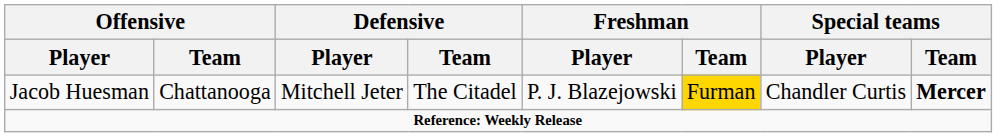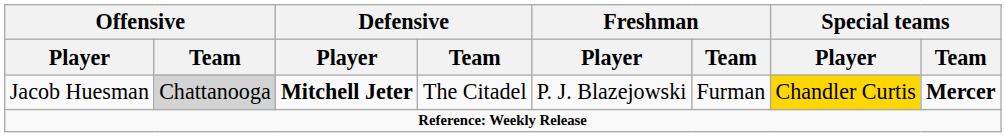 <table class="wikitable" border="1">
 <tr>
 <th colspan="2">Offensive</th>
 <th colspan="2">Defensive</th>
 <th colspan="2">Freshman</th>
 <th colspan="2">Special teams</th>
 </tr>
 <tr>
 <th>Player</th>
 <th>Team</th>
 <th>Player</th>
 <th>Team</th>
 <th>Player</th>
 <th>Team</th>
 <th>Player</th>
 <th>Team</th>
 </tr>
 <tr>
 <td>Jacob Huesman</td>
-<td>Chattanooga</td>
-<td>Mitchell Jeter</td>
+<td style="background: lightgrey;">Chattanooga</td>
+<td><strong>Mitchell Jeter</strong></td>
 <td>The Citadel</td>
 <td>P. J. Blazejowski</td>
-<td style="background: gold;">Furman</td>
-<td>Chandler Curtis</td>
+<td>Furman</td>
+<td style="background: gold;">Chandler Curtis</td>
 <td><strong>Mercer</strong></td>
 </tr>
 <tr>
 <td colspan="8" style="font-size: 8pt" align="center"><strong>Reference: Weekly Release</strong></td>
 </tr>
 </table>
